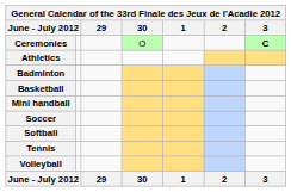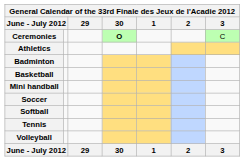 <table class="wikitable" style="margin:0.5em auto;font-size:80%;text-align:center">
 <tr>
 <th colspan="15" style="font-size:100%">General Calendar of the 33rd Finale des Jeux de l'Acadie 2012</th>
 </tr>
 <tr>
 <th colspan="3">June - July 2012</th>
 <th style="width:4em">29</th>
 <th style="width:4em">30</th>
 <th style="width:4em">1</th>
 <th style="width:4em">2</th>
 <th style="width:4em">3</th>
 </tr>
 <tr>
 <th colspan="2" align="left">Ceremonies</th>
 <td></td>
 <td></td>
-<td bgcolor=#BDFFB2>O</td>
+<td bgcolor=#BDFFB2><strong>O</strong></td>
 <td></td>
 <td></td>
-<td bgcolor=#BDFFB2><strong>C</strong></td>
+<td bgcolor=#BDFFB2>C</td>
 </tr>
 <tr>
 <th colspan="2" align="left">Athletics</th>
 <td></td>
 <td></td>
 <td></td>
 <td></td>
 <td bgcolor=#FFDF80></td>
 <td bgcolor=#FFDF80></td>
 </tr>
 <tr>
 <th colspan="2" align="left">Badminton</th>
 <td></td>
 <td></td>
 <td bgcolor=#FFDF80></td>
 <td bgcolor=#FFDF80></td>
 <td bgcolor=#BFD7FF></td>
 <td></td>
 </tr>
 <tr>
 <th colspan="2" align="left">Basketball</th>
 <td></td>
 <td></td>
 <td bgcolor=#FFDF80></td>
 <td bgcolor=#FFDF80></td>
 <td bgcolor=#BFD7FF></td>
 <td></td>
 </tr>
 <tr>
 <th colspan="2" align="left">Mini handball</th>
 <td></td>
 <td></td>
 <td bgcolor=#FFDF80></td>
 <td bgcolor=#FFDF80></td>
 <td bgcolor=#BFD7FF></td>
 <td></td>
 </tr>
 <tr>
 <th colspan="2" align="left">Soccer</th>
 <td></td>
 <td></td>
 <td bgcolor=#FFDF80></td>
 <td bgcolor=#FFDF80></td>
 <td bgcolor=#BFD7FF></td>
 <td></td>
 </tr>
 <tr>
 <th colspan="2" align="left">Softball</th>
 <td></td>
 <td></td>
 <td bgcolor=#FFDF80></td>
 <td bgcolor=#FFDF80></td>
 <td bgcolor=#BFD7FF></td>
 <td></td>
 </tr>
 <tr>
 <th colspan="2" align="left">Tennis</th>
 <td></td>
 <td></td>
 <td bgcolor=#FFDF80></td>
 <td bgcolor=#FFDF80></td>
 <td bgcolor=#BFD7FF></td>
 <td></td>
 </tr>
 <tr>
 <th colspan="2">Volleyball</th>
 <td></td>
 <td></td>
 <td bgcolor=#FFDF80></td>
 <td bgcolor=#FFDF80></td>
 <td bgcolor=#BFD7FF></td>
 <td></td>
 </tr>
 <tr>
 <th colspan="3">June - July 2012</th>
 <th>29</th>
 <th>30</th>
 <th>1</th>
 <th>2</th>
 <th>3</th>
 </tr>
 </table>
